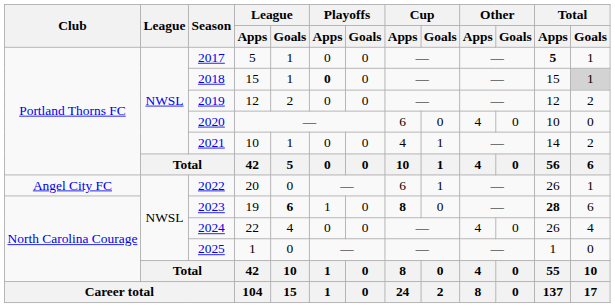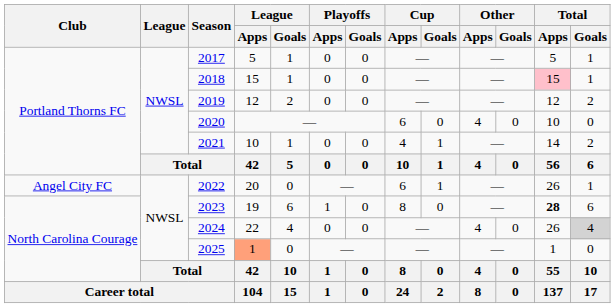 <table class="wikitable" style="text-align: center;">
 <tr>
 <th rowspan="2">Club</th>
 <th rowspan="2">League</th>
 <th rowspan="2">Season</th>
 <th colspan="2">League</th>
 <th colspan="2">Playoffs</th>
 <th colspan="2">Cup</th>
 <th colspan="2">Other</th>
 <th colspan="2">Total</th>
 </tr>
 <tr>
 <th>Apps</th>
 <th>Goals</th>
 <th>Apps</th>
 <th>Goals</th>
 <th>Apps</th>
 <th>Goals</th>
 <th>Apps</th>
 <th>Goals</th>
 <th>Apps</th>
 <th>Goals</th>
 </tr>
 <tr>
 <td rowspan="6"><a href='#'>Portland Thorns FC</a></td>
 <td rowspan="5"><a href='#'>NWSL</a></td>
 <td><a href='#'>2017</a></td>
 <td>5</td>
 <td>1</td>
 <td>0</td>
 <td>0</td>
 <td colspan="2">—</td>
 <td colspan="2">—</td>
-<td><strong>5</strong></td>
+<td>5</td>
 <td>1</td>
 </tr>
 <tr>
 <td><a href='#'>2018</a></td>
 <td>15</td>
 <td>1</td>
-<td><strong>0</strong></td>
+<td>0</td>
 <td>0</td>
 <td colspan="2">—</td>
 <td colspan="2">—</td>
-<td>15</td>
-<td style="background: lightgrey;">1</td>
+<td style="background: pink;">15</td>
+<td>1</td>
 </tr>
 <tr>
 <td><a href='#'>2019</a></td>
 <td>12</td>
 <td>2</td>
 <td>0</td>
 <td>0</td>
 <td colspan="2">—</td>
 <td colspan="2">—</td>
 <td>12</td>
 <td>2</td>
 </tr>
 <tr>
 <td><a href='#'>2020</a></td>
 <td colspan="4">—</td>
 <td>6</td>
 <td>0</td>
 <td>4</td>
 <td>0</td>
 <td>10</td>
 <td>0</td>
 </tr>
 <tr>
 <td><a href='#'>2021</a></td>
 <td>10</td>
 <td>1</td>
 <td>0</td>
 <td>0</td>
 <td>4</td>
 <td>1</td>
 <td colspan="2">—</td>
 <td>14</td>
 <td>2</td>
 </tr>
 <tr>
 <th colspan="2">Total</th>
 <th>42</th>
 <th>5</th>
 <th>0</th>
 <th>0</th>
 <th>10</th>
 <th>1</th>
 <th>4</th>
 <th>0</th>
 <th>56</th>
 <th>6</th>
 </tr>
 <tr>
 <td><a href='#'>Angel City FC</a></td>
 <td rowspan="4">NWSL</td>
 <td><a href='#'>2022</a></td>
 <td>20</td>
 <td>0</td>
 <td colspan="2">—</td>
 <td>6</td>
 <td>1</td>
 <td colspan="2">—</td>
 <td>26</td>
 <td>1</td>
 </tr>
 <tr>
 <td rowspan="4"><a href='#'>North Carolina Courage</a></td>
 <td><a href='#'>2023</a></td>
 <td>19</td>
-<td><strong>6</strong></td>
+<td>6</td>
 <td>1</td>
 <td>0</td>
-<td><strong>8</strong></td>
+<td>8</td>
 <td>0</td>
 <td colspan="2">—</td>
 <td><strong>28</strong></td>
 <td>6</td>
 </tr>
 <tr>
 <td><a href='#'>2024</a></td>
 <td>22</td>
 <td>4</td>
 <td>0</td>
 <td>0</td>
 <td colspan="2">—</td>
 <td>4</td>
 <td>0</td>
 <td>26</td>
-<td>4</td>
+<td style="background: lightgrey;">4</td>
 </tr>
 <tr>
 <td><a href='#'>2025</a></td>
-<td>1</td>
+<td style="background: lightsalmon;">1</td>
 <td>0</td>
 <td colspan="2">—</td>
 <td colspan="2">—</td>
 <td colspan="2">—</td>
 <td>1</td>
 <td>0</td>
 </tr>
 <tr>
 <th colspan="2">Total</th>
 <th>42</th>
 <th>10</th>
 <th>1</th>
 <th>0</th>
 <th>8</th>
 <th>0</th>
 <th>4</th>
 <th>0</th>
 <th>55</th>
 <th>10</th>
 </tr>
 <tr>
 <th colspan="3">Career total</th>
 <th>104</th>
 <th>15</th>
 <th>1</th>
 <th>0</th>
 <th>24</th>
 <th>2</th>
 <th>8</th>
 <th>0</th>
 <th>137</th>
 <th>17</th>
 </tr>
 </table>
